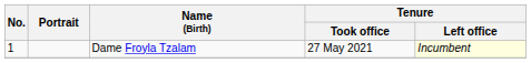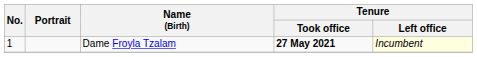 <table class="wikitable">
 <tr>
 <th scope="col" style="width:20px;" rowspan="2">No.</th>
 <th scope="col" style="width:80px;" rowspan="2">Portrait</th>
 <th scope="col" style="width:300px;" rowspan="2">Name<br><small>(Birth)</small></th>
 <th scope="col" style="width:300px;" colspan="2">Tenure</th>
 </tr>
 <tr>
 <th scope="col" style="width:150px;">Took office</th>
 <th scope="col" style="width:150px;">Left office</th>
 </tr>
 <tr>
 <td>1</td>
 <td style="text-align: center;"></td>
 <td>Dame <a href='#'>Froyla Tzalam</a><br></td>
-<td>27 May 2021</td>
+<td><strong>27 May 2021</strong></td>
 <td style="background: lightyellow;"><em>Incumbent</em></td>
 </tr>
 <tr>
 </tr>
 </table>
